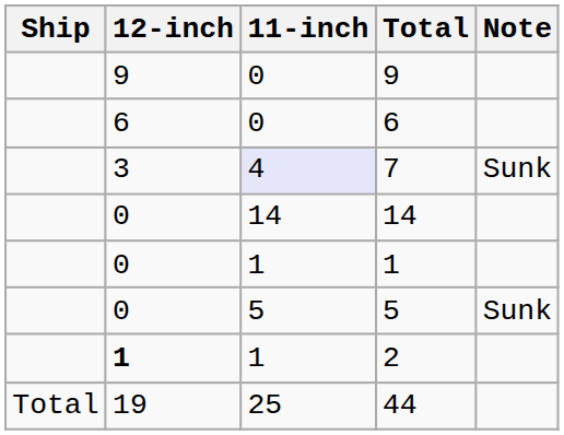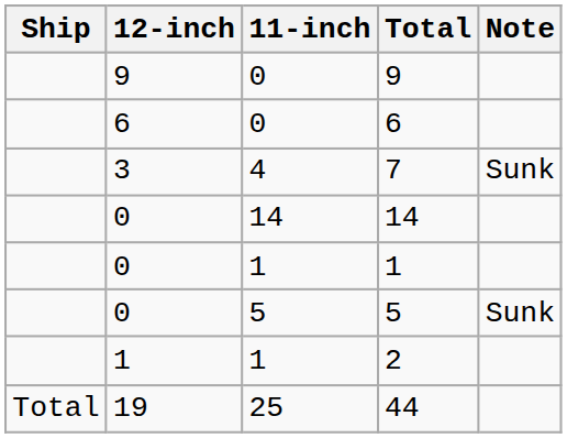 <table class="wikitable">
 <tr>
 <th>Ship</th>
 <th>12-inch</th>
 <th>11-inch</th>
 <th>Total</th>
 <th>Note</th>
 </tr>
 <tr>
 <td></td>
 <td>9</td>
 <td>0</td>
 <td>9</td>
 <td></td>
 </tr>
 <tr>
 <td></td>
 <td>6</td>
 <td>0</td>
 <td>6</td>
 <td></td>
 </tr>
 <tr>
 <td></td>
 <td>3</td>
-<td style="background: lavender;">4</td>
+<td>4</td>
 <td>7</td>
 <td>Sunk</td>
 </tr>
 <tr>
 <td></td>
 <td>0</td>
 <td>14</td>
 <td>14</td>
 <td></td>
 </tr>
 <tr>
 <td></td>
 <td>0</td>
 <td>1</td>
 <td>1</td>
 <td></td>
 </tr>
 <tr>
 <td></td>
 <td>0</td>
 <td>5</td>
 <td>5</td>
 <td>Sunk</td>
 </tr>
 <tr>
 <td></td>
-<td><strong>1</strong></td>
+<td>1</td>
 <td>1</td>
 <td>2</td>
 <td></td>
 </tr>
 <tr>
 <td>Total</td>
 <td>19</td>
 <td>25</td>
 <td>44</td>
 </tr>
 </table>
